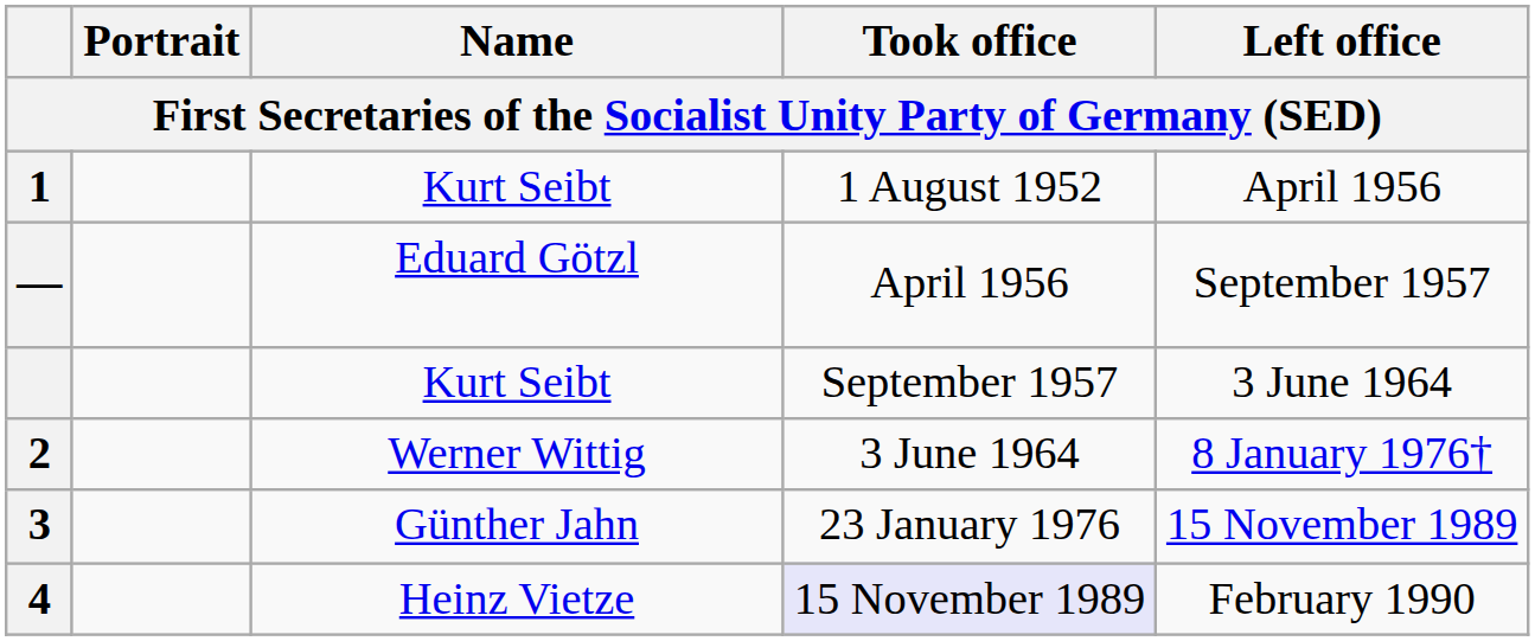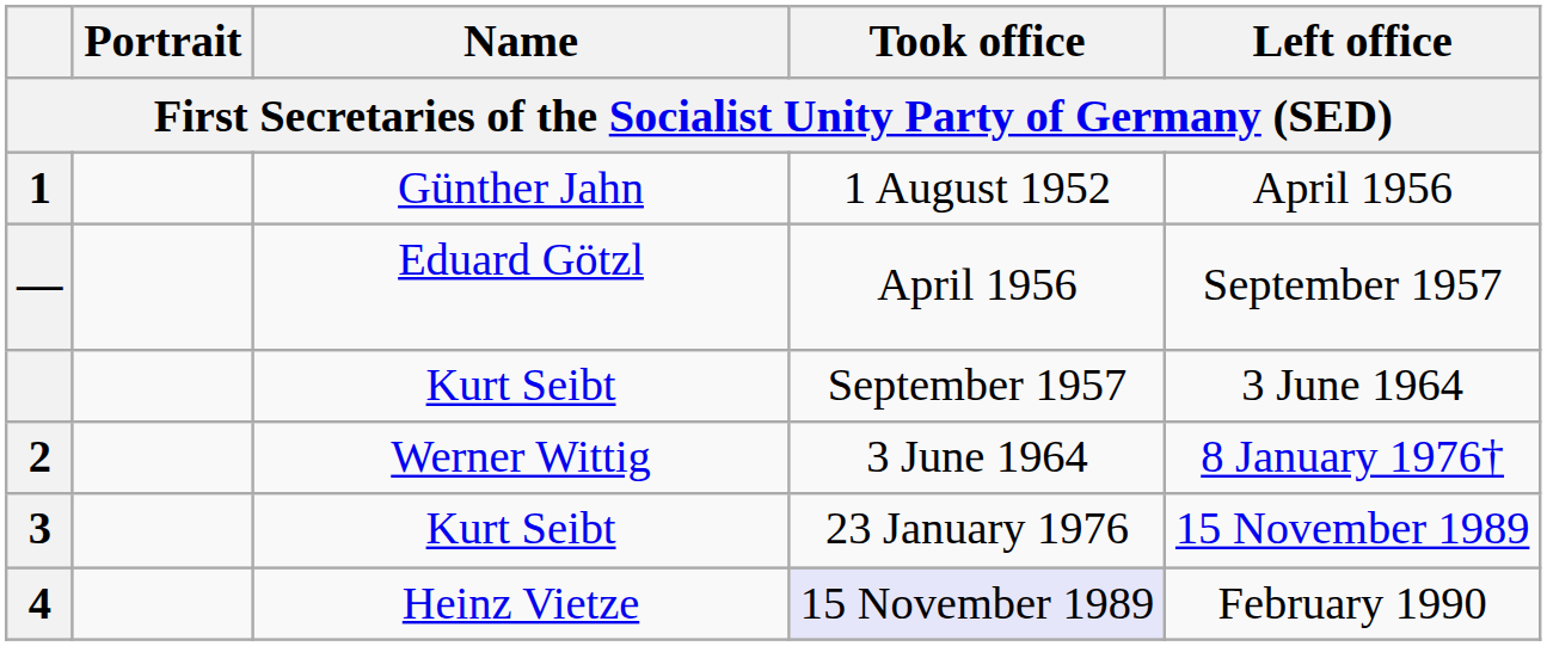 <table class="wikitable" style="text-align:center">
 <tr>
 <th></th>
 <th>Portrait</th>
 <th width=180>Name<br></th>
 <th>Took office</th>
 <th>Left office</th>
 </tr>
 <tr>
 <th colspan=5>First Secretaries of the <a href='#'>Socialist Unity Party of Germany</a> (SED)</th>
 </tr>
 <tr>
 <th style="background:">1</th>
 <td></td>
-<td><a href='#'>Kurt Seibt</a><br></td>
+<td><a href='#'>Günther Jahn</a><br></td>
 <td>1 August 1952</td>
 <td>April 1956<br></td>
 </tr>
 <tr>
 <th style="background:">—</th>
 <td></td>
 <td><a href='#'>Eduard Götzl</a><br><br></td>
 <td>April 1956</td>
 <td>September 1957<br></td>
 </tr>
 <tr>
 <th style="background:"></th>
 <td></td>
 <td><a href='#'>Kurt Seibt</a><br></td>
 <td>September 1957</td>
 <td>3 June 1964<br></td>
 </tr>
 <tr>
 <th style="background:">2</th>
 <td></td>
 <td><a href='#'>Werner Wittig</a><br></td>
 <td>3 June 1964</td>
 <td><a href='#'>8 January 1976†</a></td>
 </tr>
 <tr>
 <th style="background:">3</th>
 <td></td>
-<td><a href='#'>Günther Jahn</a><br></td>
+<td><a href='#'>Kurt Seibt</a><br></td>
 <td>23 January 1976</td>
 <td><a href='#'>15 November 1989<br></a></td>
 </tr>
 <tr>
 <th style="background:">4</th>
 <td></td>
 <td><a href='#'>Heinz Vietze</a><br></td>
 <td style="background: lavender;">15 November 1989</td>
 <td>February 1990</td>
 </tr>
 </table>
